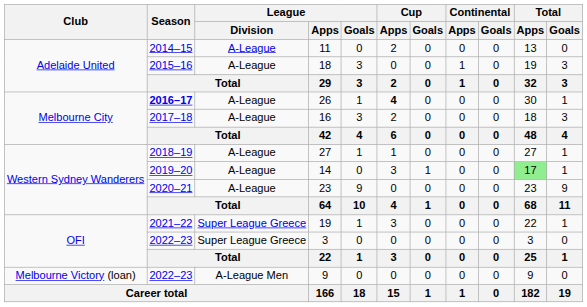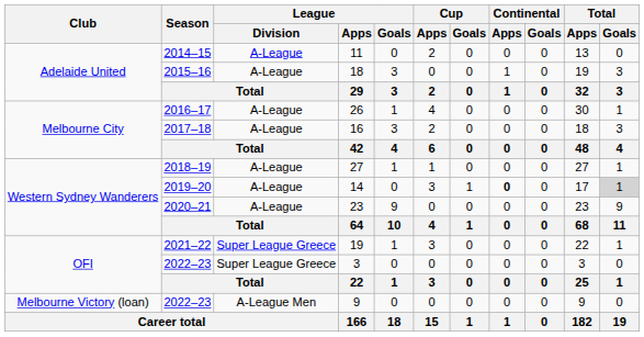 <table class="wikitable" style="text-align: center;">
 <tr>
 <th rowspan="2">Club</th>
 <th rowspan="2">Season</th>
 <th colspan="3">League</th>
 <th colspan="2">Cup</th>
 <th colspan="2">Continental</th>
 <th colspan="2">Total</th>
 </tr>
 <tr>
 <th>Division</th>
 <th>Apps</th>
 <th>Goals</th>
 <th>Apps</th>
 <th>Goals</th>
 <th>Apps</th>
 <th>Goals</th>
 <th>Apps</th>
 <th>Goals</th>
 </tr>
 <tr>
 <td rowspan="3"><a href='#'>Adelaide United</a></td>
 <td><a href='#'>2014–15</a></td>
 <td><a href='#'>A-League</a></td>
 <td>11</td>
 <td>0</td>
 <td>2</td>
 <td>0</td>
 <td>0</td>
 <td>0</td>
 <td>13</td>
 <td>0</td>
 </tr>
 <tr>
 <td><a href='#'>2015–16</a></td>
 <td>A-League</td>
 <td>18</td>
 <td>3</td>
 <td>0</td>
 <td>0</td>
 <td>1</td>
 <td>0</td>
 <td>19</td>
 <td>3</td>
 </tr>
 <tr>
 <th colspan=2>Total</th>
 <th>29</th>
 <th>3</th>
 <th>2</th>
 <th>0</th>
 <th>1</th>
 <th>0</th>
 <th>32</th>
 <th>3</th>
 </tr>
 <tr>
 <td rowspan="3"><a href='#'>Melbourne City</a></td>
-<td><strong><a href='#'>2016–17</a></strong></td>
+<td><a href='#'>2016–17</a></td>
 <td>A-League</td>
 <td>26</td>
 <td>1</td>
-<td><strong>4</strong></td>
+<td>4</td>
 <td>0</td>
 <td>0</td>
 <td>0</td>
 <td>30</td>
 <td>1</td>
 </tr>
 <tr>
 <td><a href='#'>2017–18</a></td>
 <td>A-League</td>
 <td>16</td>
 <td>3</td>
 <td>2</td>
 <td>0</td>
 <td>0</td>
 <td>0</td>
 <td>18</td>
 <td>3</td>
 </tr>
 <tr>
 <th colspan=2>Total</th>
 <th>42</th>
 <th>4</th>
 <th>6</th>
 <th>0</th>
 <th>0</th>
 <th>0</th>
 <th>48</th>
 <th>4</th>
 </tr>
 <tr>
 <td rowspan="4"><a href='#'>Western Sydney Wanderers</a></td>
 <td><a href='#'>2018–19</a></td>
 <td>A-League</td>
 <td>27</td>
 <td>1</td>
 <td>1</td>
 <td>0</td>
 <td>0</td>
 <td>0</td>
 <td>27</td>
 <td>1</td>
 </tr>
 <tr>
 <td><a href='#'>2019–20</a></td>
 <td>A-League</td>
 <td>14</td>
 <td>0</td>
 <td>3</td>
 <td>1</td>
+<td><strong>0</strong></td>
 <td>0</td>
-<td>0</td>
-<td style="background: lightgreen;">17</td>
-<td>1</td>
+<td>17</td>
+<td style="background: lightgrey;">1</td>
 </tr>
 <tr>
 <td><a href='#'>2020–21</a></td>
 <td>A-League</td>
 <td>23</td>
 <td>9</td>
 <td>0</td>
 <td>0</td>
 <td>0</td>
 <td>0</td>
 <td>23</td>
 <td>9</td>
 </tr>
 <tr>
 <th colspan=2>Total</th>
 <th>64</th>
 <th>10</th>
 <th>4</th>
 <th>1</th>
 <th>0</th>
 <th>0</th>
 <th>68</th>
 <th>11</th>
 </tr>
 <tr>
 <td rowspan="3"><a href='#'>OFI</a></td>
 <td><a href='#'>2021–22</a></td>
 <td><a href='#'>Super League Greece</a></td>
 <td>19</td>
 <td>1</td>
 <td>3</td>
 <td>0</td>
 <td>0</td>
 <td>0</td>
 <td>22</td>
 <td>1</td>
 </tr>
 <tr>
 <td><a href='#'>2022–23</a></td>
 <td>Super League Greece</td>
 <td>3</td>
 <td>0</td>
 <td>0</td>
 <td>0</td>
 <td>0</td>
 <td>0</td>
 <td>3</td>
 <td>0</td>
 </tr>
 <tr>
 <th colspan=2>Total</th>
 <th>22</th>
 <th>1</th>
 <th>3</th>
 <th>0</th>
 <th>0</th>
 <th>0</th>
 <th>25</th>
 <th>1</th>
 </tr>
 <tr>
 <td><a href='#'>Melbourne Victory</a> (loan)</td>
 <td><a href='#'>2022–23</a></td>
 <td>A-League Men</td>
 <td>9</td>
 <td>0</td>
 <td>0</td>
 <td>0</td>
 <td>0</td>
 <td>0</td>
 <td>9</td>
 <td>0</td>
 </tr>
 <tr>
 <th colspan="3">Career total</th>
 <th>166</th>
 <th>18</th>
 <th>15</th>
 <th>1</th>
 <th>1</th>
 <th>0</th>
 <th>182</th>
 <th>19</th>
 </tr>
 </table>
